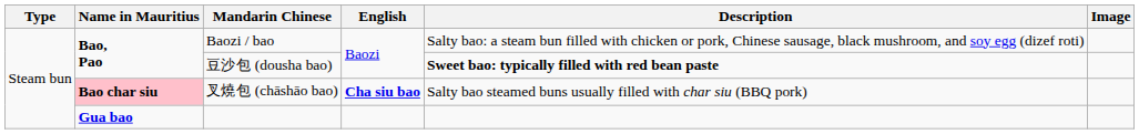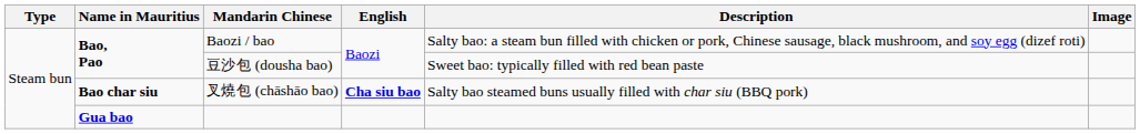 <table class="wikitable">
 <tr>
 <th>Type</th>
 <th>Name in Mauritius</th>
 <th>Mandarin Chinese</th>
 <th>English</th>
 <th>Description</th>
 <th>Image</th>
 </tr>
 <tr>
 <td rowspan="4">Steam bun</td>
 <td rowspan="2"><strong>Bao,<br>Pao</strong></td>
 <td>Baozi / bao</td>
 <td rowspan="2"><a href='#'>Baozi</a></td>
 <td>Salty bao: a steam bun filled with chicken or pork, Chinese sausage, black mushroom, and <a href='#'>soy egg</a> (dizef roti)</td>
 <td></td>
 </tr>
 <tr>
 <td>豆沙包 (dousha bao)</td>
-<td><strong>Sweet bao: typically filled with red bean paste</strong></td>
+<td>Sweet bao: typically filled with red bean paste</td>
 <td></td>
 </tr>
 <tr>
-<td style="background: pink;"><strong>Bao char siu</strong></td>
+<td><strong>Bao char siu</strong></td>
 <td>叉燒包 (chāshāo bao)</td>
 <td><strong><a href='#'>Cha siu bao</a></strong></td>
 <td>Salty bao steamed buns usually filled with <em>char siu</em> (BBQ pork)</td>
 <td></td>
 </tr>
 <tr>
 <td><strong><a href='#'>Gua bao</a></strong></td>
 <td></td>
 <td></td>
 <td></td>
 <td></td>
 </tr>
 </table>
